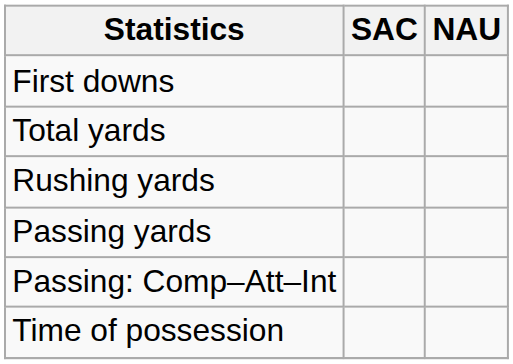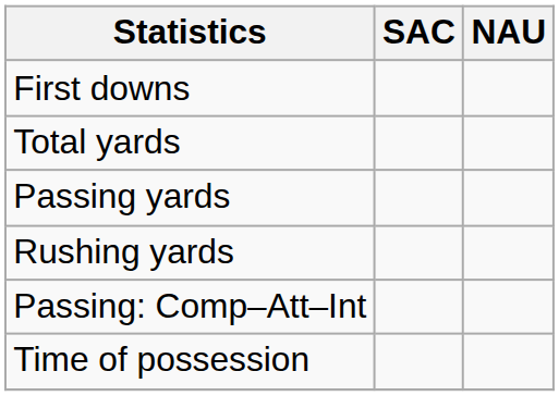 <table class="wikitable" style="float: left;">
 <tr>
 <th>Statistics</th>
 <th>SAC</th>
 <th>NAU</th>
 </tr>
 <tr>
 <td>First downs</td>
 <td></td>
 <td></td>
 </tr>
 <tr>
 <td>Total yards</td>
 <td></td>
 <td></td>
 </tr>
 <tr>
-<td>Rushing yards</td>
+<td>Passing yards</td>
 <td></td>
 <td></td>
 </tr>
 <tr>
-<td>Passing yards</td>
+<td>Rushing yards</td>
 <td></td>
 <td></td>
 </tr>
 <tr>
 <td>Passing: Comp–Att–Int</td>
 <td></td>
 <td></td>
 </tr>
 <tr>
 <td>Time of possession</td>
 <td></td>
 <td></td>
 </tr>
 <tr>
 </tr>
 </table>
